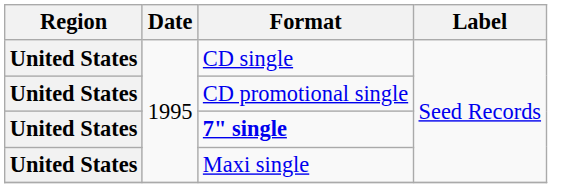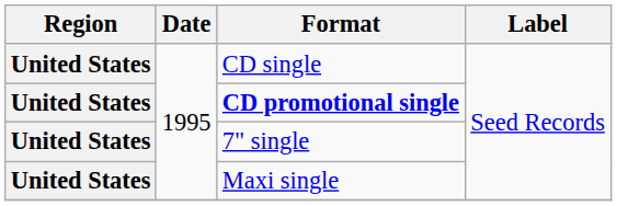 <table class="wikitable plainrowheaders">
 <tr>
 <th scope="col">Region</th>
 <th scope="col">Date</th>
 <th scope="col">Format</th>
 <th scope="col">Label</th>
 </tr>
 <tr>
 <th scope="row">United States</th>
 <td rowspan="4">1995</td>
 <td><a href='#'>CD single</a></td>
 <td rowspan="4"><a href='#'>Seed Records</a></td>
 </tr>
 <tr>
 <th scope="row">United States</th>
-<td><a href='#'>CD promotional single</a></td>
+<td><strong><a href='#'>CD promotional single</a></strong></td>
 </tr>
 <tr>
 <th scope="row">United States</th>
-<td><strong><a href='#'>7" single</a></strong></td>
+<td><a href='#'>7" single</a></td>
 </tr>
 <tr>
 <th scope="row">United States</th>
 <td><a href='#'>Maxi single</a></td>
 </tr>
 <tr>
 </tr>
 </table>
